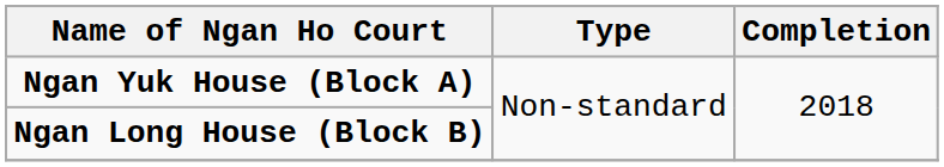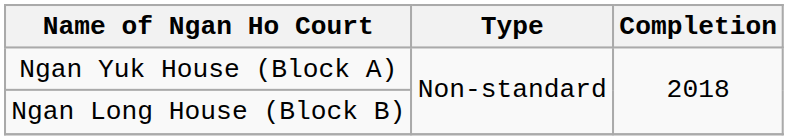 <table class="wikitable" style="text-align: center">
 <tr>
 <th>Name of Ngan Ho Court</th>
 <th>Type</th>
 <th>Completion</th>
 </tr>
 <tr>
-<td><strong>Ngan Yuk House (Block A)</strong></td>
+<td>Ngan Yuk House (Block A)</td>
 <td rowspan="2">Non-standard</td>
 <td rowspan="2">2018</td>
 </tr>
 <tr>
-<td><strong>Ngan Long House (Block B)</strong></td>
+<td>Ngan Long House (Block B)</td>
 </tr>
 <tr>
 </tr>
 </table>
